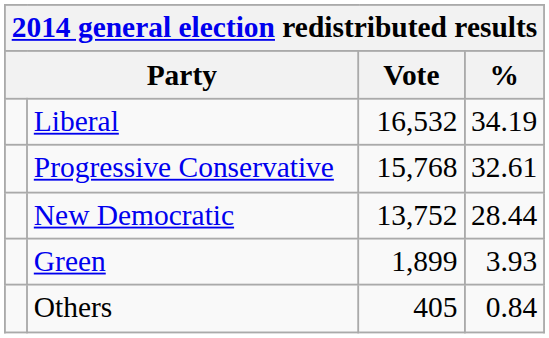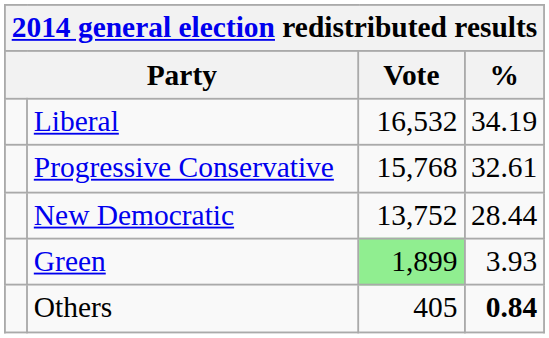 <table class="wikitable">
 <tr>
 <th colspan="4"><a href='#'>2014 general election</a> redistributed results</th>
 </tr>
 <tr>
 <th bgcolor="#DDDDFF" width="130px" colspan="2">Party</th>
 <th bgcolor="#DDDDFF" width="50px">Vote</th>
 <th bgcolor="#DDDDFF" width="30px">%</th>
 </tr>
 <tr>
 <td> </td>
 <td><a href='#'>Liberal</a></td>
 <td align=right>16,532</td>
 <td align=right>34.19</td>
 </tr>
 <tr>
 <td> </td>
 <td><a href='#'>Progressive Conservative</a></td>
 <td align=right>15,768</td>
 <td align=right>32.61</td>
 </tr>
 <tr>
 <td> </td>
 <td><a href='#'>New Democratic</a></td>
 <td align=right>13,752</td>
 <td align=right>28.44</td>
 </tr>
 <tr>
 <td> </td>
 <td><a href='#'>Green</a></td>
-<td align=right>1,899</td>
+<td align=right style="background: lightgreen;">1,899</td>
 <td align=right>3.93</td>
 </tr>
 <tr>
 <td> </td>
 <td>Others</td>
 <td align=right>405</td>
-<td align=right>0.84</td>
+<td align=right><strong>0.84</strong></td>
 </tr>
 </table>
